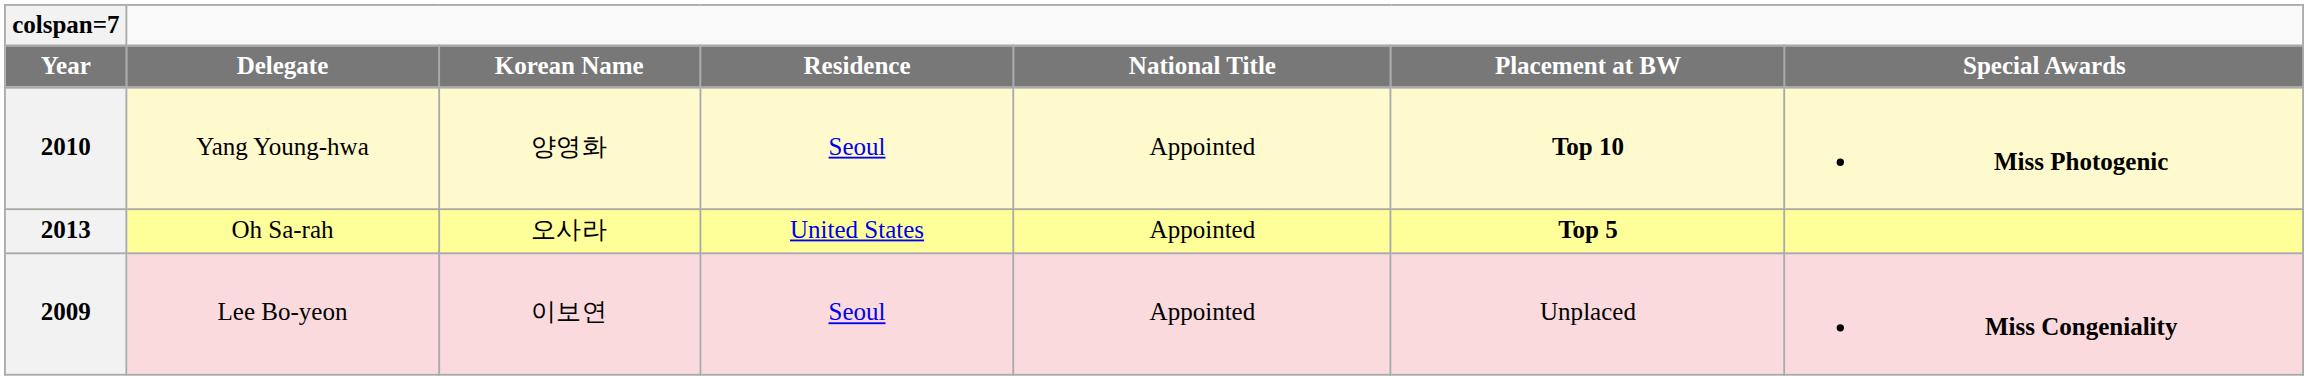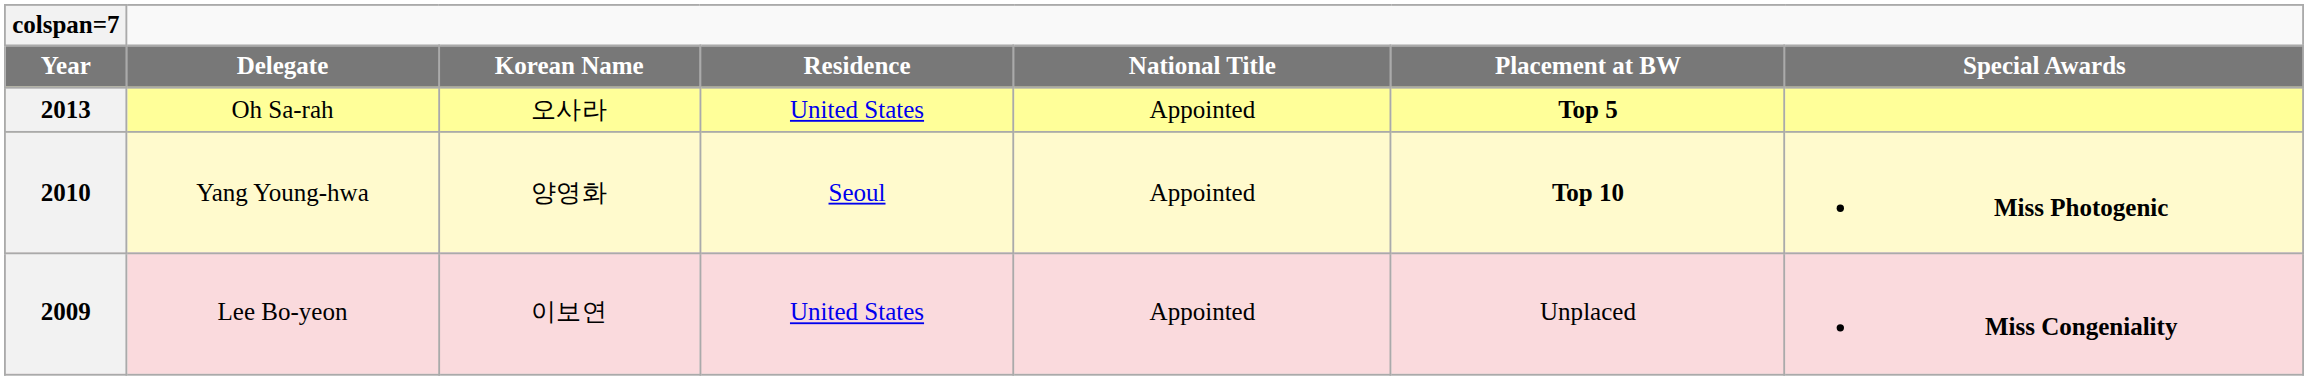 <table class="wikitable sortable" style="font-size: 85%; text-align:center">
 <tr>
 <th>colspan=7 </th>
 </tr>
 <tr>
 <th width="60" style="background-color:#787878;color:#FFFFFF;">Year</th>
 <th width="180" style="background-color:#787878;color:#FFFFFF;">Delegate</th>
 <th width="150" style="background-color:#787878;color:#FFFFFF;">Korean Name</th>
 <th width="180" style="background-color:#787878;color:#FFFFFF;">Residence</th>
 <th width="220" style="background-color:#787878;color:#FFFFFF;">National Title</th>
 <th width="230" style="background-color:#787878;color:#FFFFFF;">Placement at BW</th>
 <th width="300" style="background-color:#787878;color:#FFFFFF;">Special Awards</th>
 </tr>
+<tr style="background-color:#FFFF99;">
+<th>2013</th>
+<td>Oh Sa-rah</td>
+<td>오사라</td>
+<td><a href='#'>United States</a></td>
+<td>Appointed</td>
+<td><strong>Top 5</strong></td>
+<td></td>
+</tr>
 <tr style="background-color:#FFFACD;">
 <th>2010</th>
 <td>Yang Young-hwa</td>
 <td>양영화</td>
 <td><a href='#'>Seoul</a></td>
 <td>Appointed</td>
 <td><strong>Top 10</strong></td>
 <td><br><ul><li><strong>Miss Photogenic</strong></li></ul></td>
 </tr>
-<tr style="background-color:#FFFF99;">
-<th>2013</th>
-<td>Oh Sa-rah</td>
-<td>오사라</td>
-<td><a href='#'>United States</a></td>
-<td>Appointed</td>
-<td><strong>Top 5</strong></td>
-<td></td>
-</tr>
 <tr style="background-color:#FADADD;: bold">
 <th>2009</th>
 <td>Lee Bo-yeon</td>
 <td>이보연</td>
-<td><a href='#'>Seoul</a></td>
+<td><a href='#'>United States</a></td>
 <td>Appointed</td>
 <td>Unplaced</td>
 <td><br><ul><li><strong>Miss Congeniality</strong></li></ul></td>
 </tr>
 </table>
